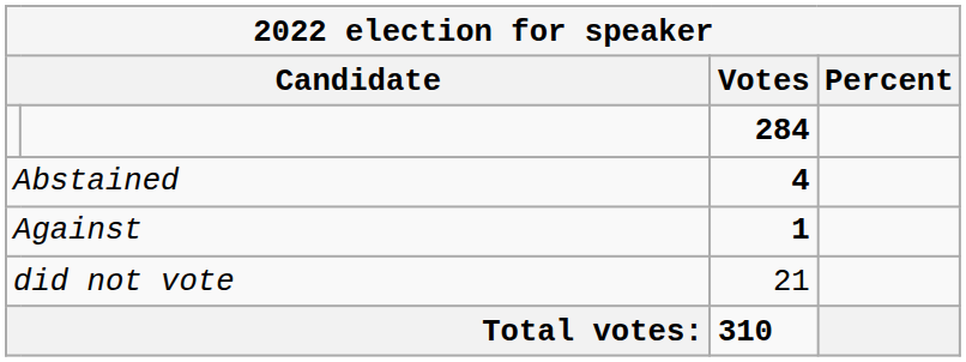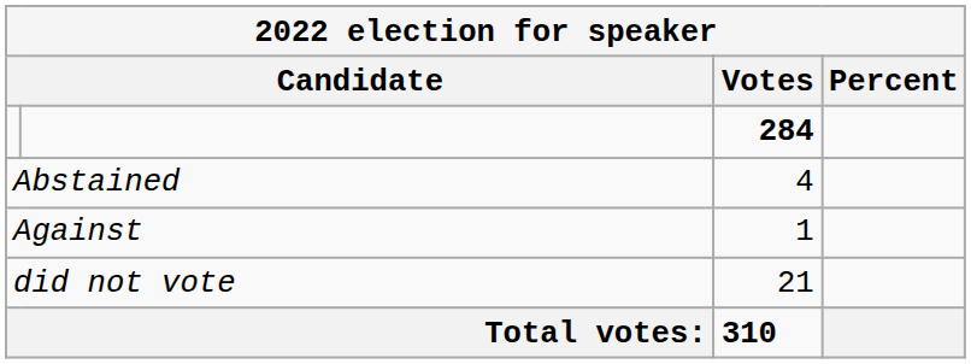 <table class="wikitable">
 <tr>
 <th colspan=4 style="background:#f5f5f5">2022 election for speaker</th>
 </tr>
 <tr>
 <th colspan=2>Candidate</th>
 <th>Votes</th>
 <th>Percent</th>
 </tr>
 <tr>
 <td style="background-color: "></td>
 <td style="width: 22em;"></td>
 <td style="text-align:right"><strong>284</strong></td>
 <td style="text-align:right"><strong></strong></td>
 </tr>
 <tr>
 <td colspan=2><em>Abstained</em></td>
-<td style="text-align:right"><strong>4</strong></td>
+<td style="text-align:right">4</td>
 <td style="text-align:right"></td>
 </tr>
 <tr>
 <td colspan=2><em>Against</em></td>
-<td style="text-align:right"><strong>1</strong></td>
+<td style="text-align:right">1</td>
 <td style="text-align:right"></td>
 </tr>
 <tr>
 <td colspan=2><em>did not vote</em></td>
 <td style="text-align:right">21</td>
 <td style="text-align:right"></td>
 </tr>
 <tr>
 <th colspan=2 style="text-align:right">Total votes:</th>
 <td><strong>310</strong></td>
 <th></th>
 </tr>
 </table>
